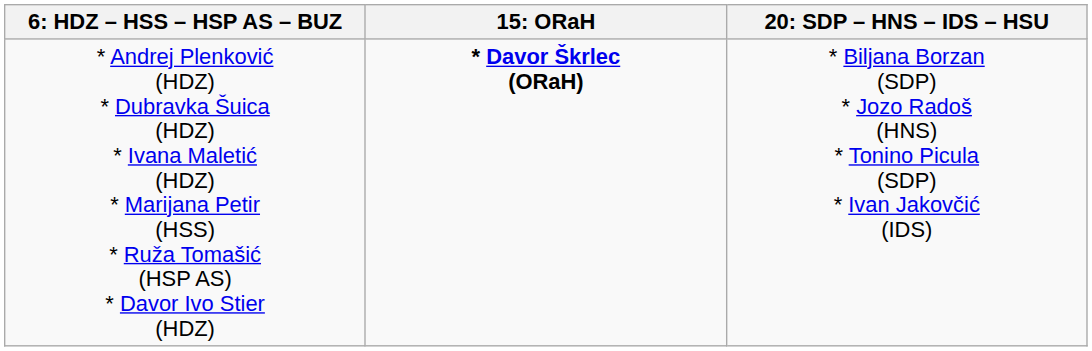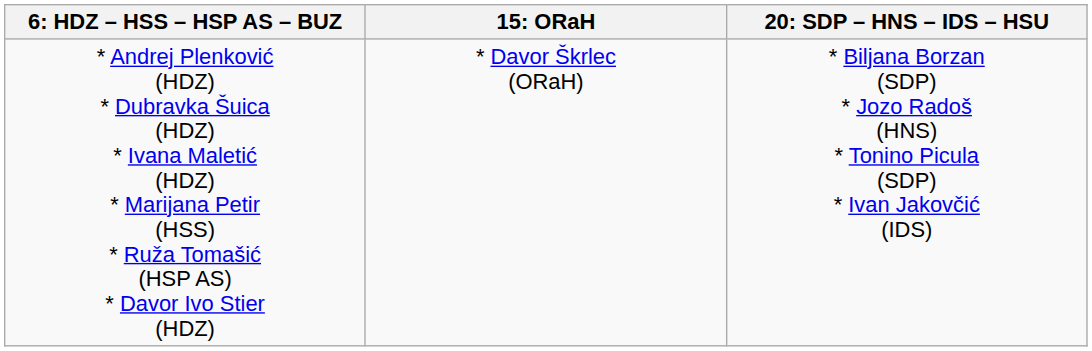 <table class="wikitable"  style="text-align:center;">
 <tr>
 <th>6: HDZ – HSS – HSP AS – BUZ</th>
 <th>15: ORaH</th>
 <th>20: SDP – HNS – IDS – HSU</th>
 </tr>
 <tr>
 <td style="width:16em;" valign="top">* <a href='#'>Andrej Plenković</a><br> (HDZ)<br>* <a href='#'>Dubravka Šuica</a><br> (HDZ)<br>* <a href='#'>Ivana Maletić</a><br> (HDZ)<br>* <a href='#'>Marijana Petir</a><br> (HSS)<br>* <a href='#'>Ruža Tomašić</a><br> (HSP AS) <br>* <a href='#'>Davor Ivo Stier</a><br> (HDZ)</td>
-<td style="width:16em;" valign="top"><strong>* <a href='#'>Davor Škrlec</a><br> (ORaH)</strong></td>
+<td style="width:16em;" valign="top">* <a href='#'>Davor Škrlec</a><br> (ORaH)</td>
 <td style="width:16em;" valign="top">* <a href='#'>Biljana Borzan</a><br> (SDP) <br>* <a href='#'>Jozo Radoš</a><br> (HNS) <br>* <a href='#'>Tonino Picula</a><br> (SDP) <br>* <a href='#'>Ivan Jakovčić</a> <br> (IDS)</td>
 </tr>
 </table>
